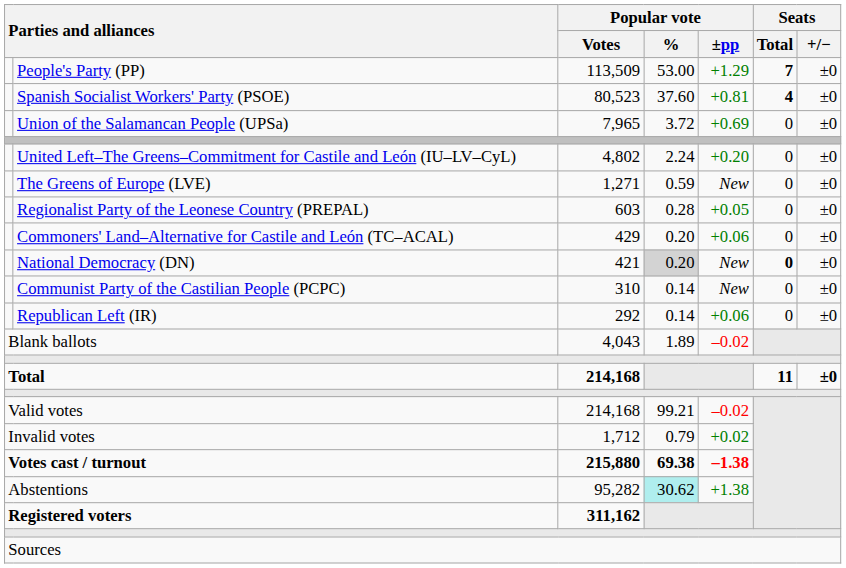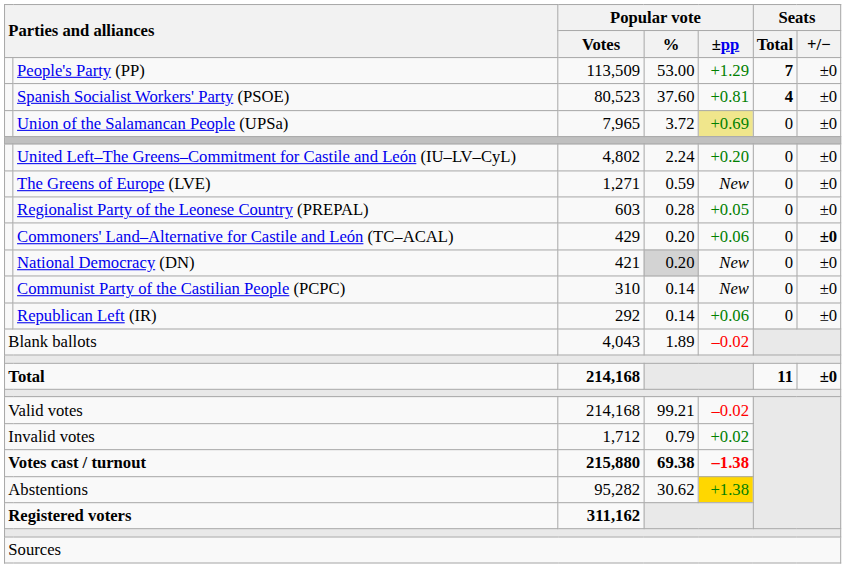 <table class="wikitable" style="text-align:right;">
 <tr>
 <th style="text-align:left;" rowspan="2" colspan="2" width="525">Parties and alliances</th>
 <th colspan="3">Popular vote</th>
 <th colspan="2">Seats</th>
 </tr>
 <tr>
 <th width="75">Votes</th>
 <th width="45">%</th>
 <th width="45">±<a href='#'>pp</a></th>
 <th width="35">Total</th>
 <th width="35">+/−</th>
 </tr>
 <tr>
 <td width="1" style="color:inherit;background:"></td>
 <td align="left"><a href='#'>People's Party</a> (PP)</td>
 <td>113,509</td>
 <td>53.00</td>
 <td style="color:green;">+1.29</td>
 <td><strong>7</strong></td>
 <td>±0</td>
 </tr>
 <tr>
 <td style="color:inherit;background:"></td>
 <td align="left"><a href='#'>Spanish Socialist Workers' Party</a> (PSOE)</td>
 <td>80,523</td>
 <td>37.60</td>
 <td style="color:green;">+0.81</td>
 <td><strong>4</strong></td>
 <td>±0</td>
 </tr>
 <tr>
 <td style="color:inherit;background:"></td>
 <td align="left"><a href='#'>Union of the Salamancan People</a> (UPSa)</td>
 <td>7,965</td>
 <td>3.72</td>
-<td style="color:green;">+0.69</td>
+<td style="background: khaki; color:green;">+0.69</td>
 <td>0</td>
 <td>±0</td>
 </tr>
 <tr>
 <td colspan="7" bgcolor="#C0C0C0"></td>
 </tr>
 <tr>
 <td style="color:inherit;background:"></td>
 <td align="left"><a href='#'>United Left–The Greens–Commitment for Castile and León</a> (IU–LV–CyL)</td>
 <td>4,802</td>
 <td>2.24</td>
 <td style="color:green;">+0.20</td>
 <td>0</td>
 <td>±0</td>
 </tr>
 <tr>
 <td style="color:inherit;background:"></td>
 <td align="left"><a href='#'>The Greens of Europe</a> (LVE)</td>
 <td>1,271</td>
 <td>0.59</td>
 <td><em>New</em></td>
 <td>0</td>
 <td>±0</td>
 </tr>
 <tr>
 <td style="color:inherit;background:"></td>
 <td align="left"><a href='#'>Regionalist Party of the Leonese Country</a> (PREPAL)</td>
 <td>603</td>
 <td>0.28</td>
 <td style="color:green;">+0.05</td>
 <td>0</td>
 <td>±0</td>
 </tr>
 <tr>
 <td style="color:inherit;background:"></td>
 <td align="left"><a href='#'>Commoners' Land–Alternative for Castile and León</a> (TC–ACAL)</td>
 <td>429</td>
 <td>0.20</td>
 <td style="color:green;">+0.06</td>
 <td>0</td>
-<td>±0</td>
+<td><strong>±0</strong></td>
 </tr>
 <tr>
 <td style="color:inherit;background:"></td>
 <td align="left"><a href='#'>National Democracy</a> (DN)</td>
 <td>421</td>
 <td style="background: lightgrey;">0.20</td>
 <td><em>New</em></td>
-<td><strong>0</strong></td>
+<td>0</td>
 <td>±0</td>
 </tr>
 <tr>
 <td style="color:inherit;background:"></td>
 <td align="left"><a href='#'>Communist Party of the Castilian People</a> (PCPC)</td>
 <td>310</td>
 <td>0.14</td>
 <td><em>New</em></td>
 <td>0</td>
 <td>±0</td>
 </tr>
 <tr>
 <td style="color:inherit;background:"></td>
 <td align="left"><a href='#'>Republican Left</a> (IR)</td>
 <td>292</td>
 <td>0.14</td>
 <td style="color:green;">+0.06</td>
 <td>0</td>
 <td>±0</td>
 </tr>
 <tr>
 <td align="left" colspan="2">Blank ballots</td>
 <td>4,043</td>
 <td>1.89</td>
 <td style="color:red;">–0.02</td>
 <td bgcolor="#E9E9E9" colspan="2"></td>
 </tr>
 <tr>
 <td colspan="7" bgcolor="#E9E9E9"></td>
 </tr>
 <tr style="font-weight:bold;">
 <td align="left" colspan="2">Total</td>
 <td>214,168</td>
 <td bgcolor="#E9E9E9" colspan="2"></td>
 <td>11</td>
 <td>±0</td>
 </tr>
 <tr>
 <td colspan="7" bgcolor="#E9E9E9"></td>
 </tr>
 <tr>
 <td align="left" colspan="2">Valid votes</td>
 <td>214,168</td>
 <td>99.21</td>
 <td style="color:red;">–0.02</td>
 <td bgcolor="#E9E9E9" colspan="2" rowspan="5"></td>
 </tr>
 <tr>
 <td align="left" colspan="2">Invalid votes</td>
 <td>1,712</td>
 <td>0.79</td>
 <td style="color:green;">+0.02</td>
 </tr>
 <tr style="font-weight:bold;">
 <td align="left" colspan="2">Votes cast / turnout</td>
 <td>215,880</td>
 <td>69.38</td>
 <td style="color:red;">–1.38</td>
 </tr>
 <tr>
 <td align="left" colspan="2">Abstentions</td>
 <td>95,282</td>
-<td style="background: paleturquoise;">30.62</td>
-<td style="color:green;">+1.38</td>
+<td>30.62</td>
+<td style="background: gold; color:green;">+1.38</td>
 </tr>
 <tr style="font-weight:bold;">
 <td align="left" colspan="2">Registered voters</td>
 <td>311,162</td>
 <td bgcolor="#E9E9E9" colspan="2"></td>
 </tr>
 <tr>
 <td colspan="7" bgcolor="#E9E9E9"></td>
 </tr>
 <tr>
 <td align="left" colspan="7">Sources</td>
 </tr>
 </table>
